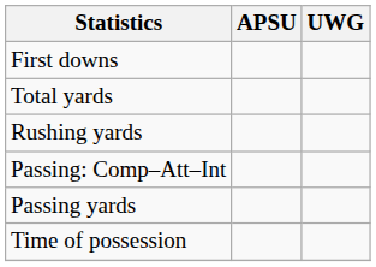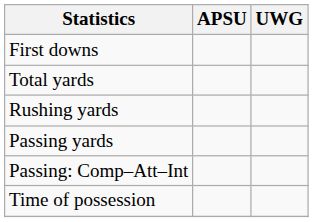 <table class="wikitable" style="float: left;">
 <tr>
 <th>Statistics</th>
 <th>APSU</th>
 <th>UWG</th>
 </tr>
 <tr>
 <td>First downs</td>
 <td></td>
 <td></td>
 </tr>
 <tr>
 <td>Total yards</td>
 <td></td>
 <td></td>
 </tr>
 <tr>
 <td>Rushing yards</td>
 <td></td>
 <td></td>
 </tr>
 <tr>
-<td>Passing: Comp–Att–Int</td>
+<td>Passing yards</td>
 <td></td>
 <td></td>
 </tr>
 <tr>
-<td>Passing yards</td>
+<td>Passing: Comp–Att–Int</td>
 <td></td>
 <td></td>
 </tr>
 <tr>
 <td>Time of possession</td>
 <td></td>
 <td></td>
 </tr>
 <tr>
 </tr>
 </table>
